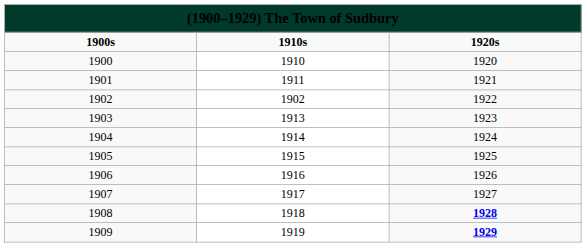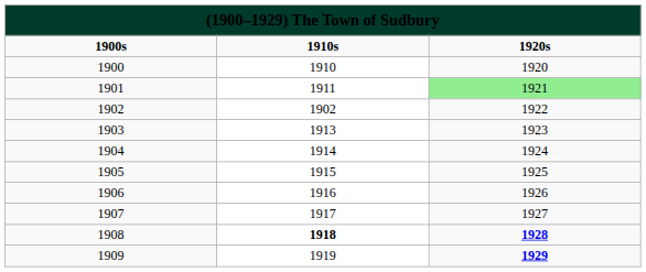 <table class="wikitable" border"1" width="770">
 <tr>
 <td style= "text-align:center; height: 30px;" colspan="7" bgcolor=003A2A><span><big><strong>(1900–1929) The Town of Sudbury</strong></big></span></td>
 </tr>
 <tr>
 <td style="text-align:center;" width="33.33% bgcolor= AE8C6A"><strong>1900s</strong></td>
 <td style="text-align:center;" width="33.33% bgcolor= BDA185"><strong>1910s</strong></td>
 <td style="text-align:center;" width="33.33% bgcolor= E3D7CA"><strong>1920s</strong></td>
 </tr>
 <tr>
 <td style="text-align:center;">1900</td>
 <td style="text-align:center;"  bgcolor= white>1910</td>
 <td style="text-align:center;">1920</td>
 </tr>
 <tr>
 <td style="text-align:center;">1901</td>
 <td style="text-align:center;"  bgcolor= white>1911</td>
-<td style="text-align:center;">1921</td>
+<td style="background: lightgreen; text-align:center;">1921</td>
 </tr>
 <tr>
 <td style="text-align:center;">1902</td>
 <td style="text-align:center;"  bgcolor= white>1902</td>
 <td style="text-align:center;">1922</td>
 </tr>
 <tr>
 <td style="text-align:center;">1903</td>
 <td style="text-align:center;"  bgcolor= white>1913</td>
 <td style="text-align:center;">1923</td>
 </tr>
 <tr>
 <td style="text-align:center;">1904</td>
 <td style="text-align:center;"  bgcolor= white>1914</td>
 <td style="text-align:center;">1924</td>
 </tr>
 <tr>
 <td style="text-align:center;">1905</td>
 <td style="text-align:center;"  bgcolor= white>1915</td>
 <td style="text-align:center;">1925</td>
 </tr>
 <tr>
 <td style="text-align:center;">1906</td>
 <td style="text-align:center;"  bgcolor= white>1916</td>
 <td style="text-align:center;">1926</td>
 </tr>
 <tr>
 <td style="text-align:center;">1907</td>
 <td style="text-align:center;"  bgcolor= white>1917</td>
 <td style="text-align:center;">1927</td>
 </tr>
 <tr>
 <td style="text-align:center;">1908</td>
-<td style="text-align:center;"  bgcolor= white>1918</td>
+<td style="text-align:center;"  bgcolor= white><strong>1918</strong></td>
 <td style="text-align:center;"><strong><a href='#'>1928</a></strong></td>
 </tr>
 <tr>
 <td style="text-align:center;">1909</td>
 <td style="text-align:center;"  bgcolor= white>1919</td>
 <td style="text-align:center;"><strong><a href='#'>1929</a></strong></td>
 </tr>
 </table>
